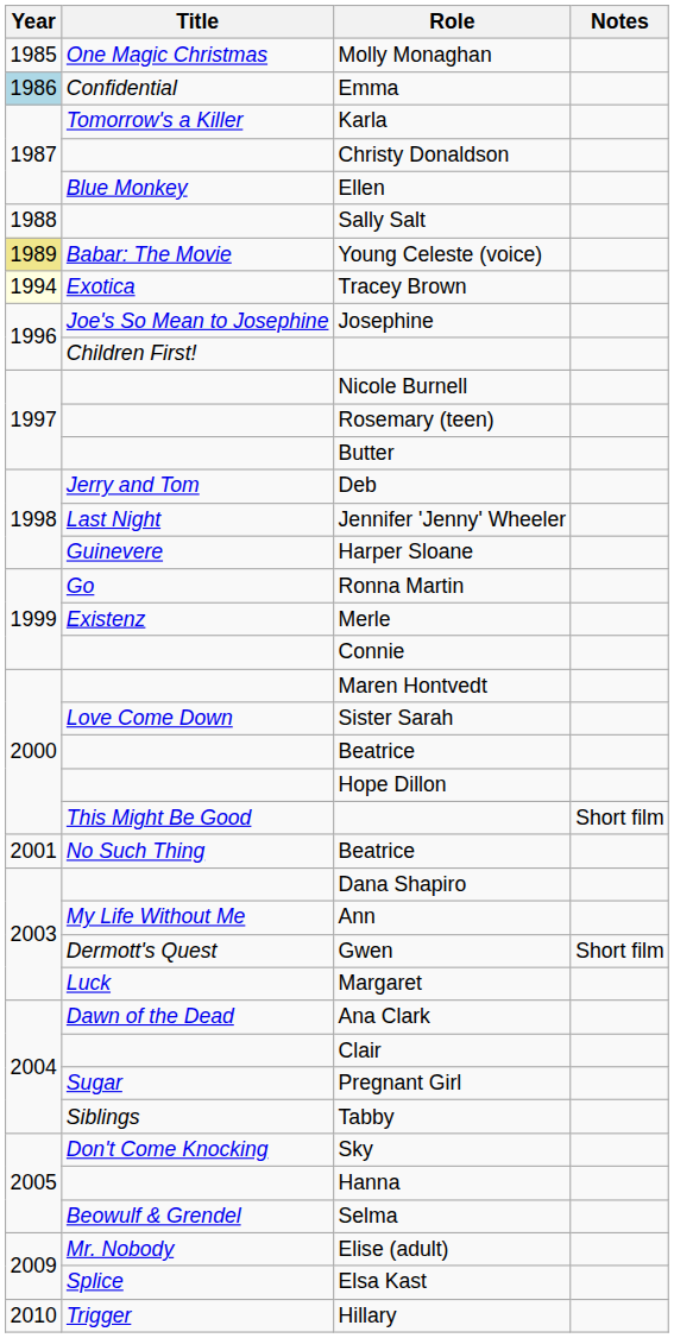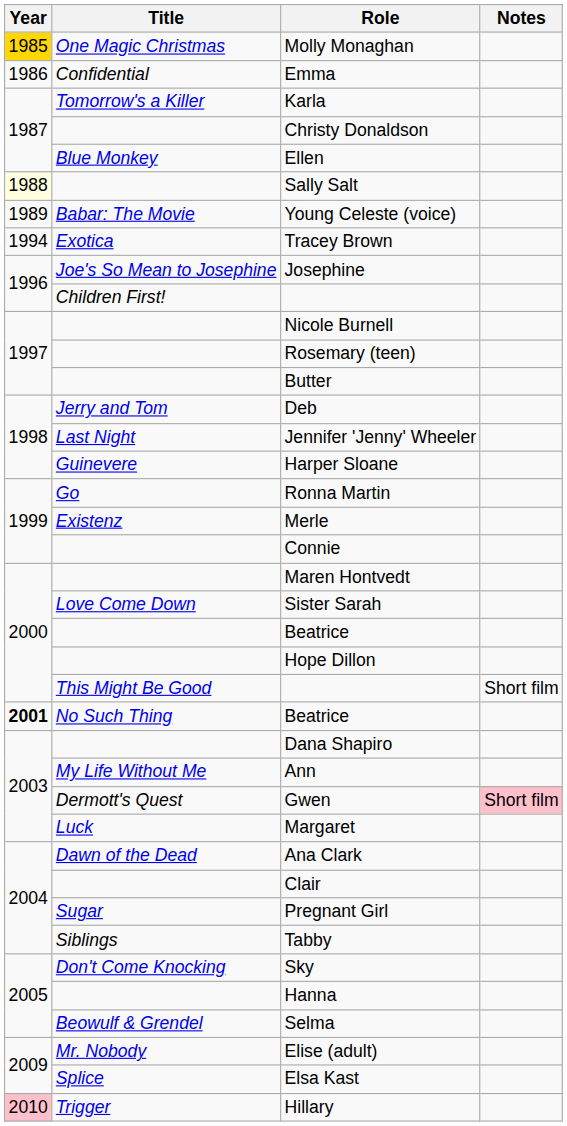 <table class="wikitable sortable">
 <tr>
 <th>Year</th>
 <th>Title</th>
 <th>Role</th>
 <th class="unsortable">Notes</th>
 </tr>
 <tr>
-<td>1985</td>
+<td style="background: gold;">1985</td>
 <td><em><a href='#'>One Magic Christmas</a></em></td>
 <td>Molly Monaghan</td>
 <td></td>
 </tr>
 <tr>
-<td style="background: lightblue;">1986</td>
+<td>1986</td>
 <td><em>Confidential</em></td>
 <td>Emma</td>
 <td></td>
 </tr>
 <tr>
 <td rowspan="3">1987</td>
 <td><em><a href='#'>Tomorrow's a Killer</a></em></td>
 <td>Karla</td>
 <td></td>
 </tr>
 <tr>
 <td><em></em></td>
 <td>Christy Donaldson</td>
 <td></td>
 </tr>
 <tr>
 <td><em><a href='#'>Blue Monkey</a></em></td>
 <td>Ellen</td>
 <td></td>
 </tr>
 <tr>
-<td>1988</td>
+<td style="background: lightyellow;">1988</td>
 <td><em></em></td>
 <td>Sally Salt</td>
 <td></td>
 </tr>
 <tr>
-<td style="background: khaki;">1989</td>
+<td>1989</td>
 <td><em><a href='#'>Babar: The Movie</a></em></td>
 <td>Young Celeste (voice)</td>
 <td></td>
 </tr>
 <tr>
-<td style="background: lightyellow;">1994</td>
+<td>1994</td>
 <td><em><a href='#'>Exotica</a></em></td>
 <td>Tracey Brown</td>
 <td></td>
 </tr>
 <tr>
 <td rowspan="2">1996</td>
 <td><em><a href='#'>Joe's So Mean to Josephine</a></em></td>
 <td>Josephine</td>
 <td></td>
 </tr>
 <tr>
 <td><em>Children First!</em></td>
 <td></td>
 <td></td>
 </tr>
 <tr>
 <td rowspan="3">1997</td>
 <td><em></em></td>
 <td>Nicole Burnell</td>
 <td></td>
 </tr>
 <tr>
 <td><em></em></td>
 <td>Rosemary (teen)</td>
 <td></td>
 </tr>
 <tr>
 <td><em></em></td>
 <td>Butter</td>
 <td></td>
 </tr>
 <tr>
 <td rowspan="3">1998</td>
 <td><em><a href='#'>Jerry and Tom</a></em></td>
 <td>Deb</td>
 <td></td>
 </tr>
 <tr>
 <td><em><a href='#'>Last Night</a></em></td>
 <td>Jennifer 'Jenny' Wheeler</td>
 <td></td>
 </tr>
 <tr>
 <td><em><a href='#'>Guinevere</a></em></td>
 <td>Harper Sloane</td>
 <td></td>
 </tr>
 <tr>
 <td rowspan="3">1999</td>
 <td><em><a href='#'>Go</a></em></td>
 <td>Ronna Martin</td>
 <td></td>
 </tr>
 <tr>
 <td><em><a href='#'>Existenz</a></em></td>
 <td>Merle</td>
 <td></td>
 </tr>
 <tr>
 <td><em></em></td>
 <td>Connie</td>
 <td></td>
 </tr>
 <tr>
 <td rowspan="5">2000</td>
 <td><em></em></td>
 <td>Maren Hontvedt</td>
 <td></td>
 </tr>
 <tr>
 <td><em><a href='#'>Love Come Down</a></em></td>
 <td>Sister Sarah</td>
 <td></td>
 </tr>
 <tr>
 <td><em></em></td>
 <td>Beatrice</td>
 <td></td>
 </tr>
 <tr>
 <td><em></em></td>
 <td>Hope Dillon</td>
 <td></td>
 </tr>
 <tr>
 <td><em><a href='#'>This Might Be Good</a></em></td>
 <td></td>
 <td>Short film</td>
 </tr>
 <tr>
-<td>2001</td>
+<td><strong>2001</strong></td>
 <td><em><a href='#'>No Such Thing</a></em></td>
 <td>Beatrice</td>
 <td></td>
 </tr>
 <tr>
 <td rowspan="4">2003</td>
 <td><em></em></td>
 <td>Dana Shapiro</td>
 <td></td>
 </tr>
 <tr>
 <td><em><a href='#'>My Life Without Me</a></em></td>
 <td>Ann</td>
 <td></td>
 </tr>
 <tr>
 <td><em>Dermott's Quest</em></td>
 <td>Gwen</td>
-<td>Short film</td>
+<td style="background: pink;">Short film</td>
 </tr>
 <tr>
 <td><em><a href='#'>Luck</a></em></td>
 <td>Margaret</td>
 <td></td>
 </tr>
 <tr>
 <td rowspan="4">2004</td>
 <td><em><a href='#'>Dawn of the Dead</a></em></td>
 <td>Ana Clark</td>
 <td></td>
 </tr>
 <tr>
 <td><em></em></td>
 <td>Clair</td>
 <td></td>
 </tr>
 <tr>
 <td><em><a href='#'>Sugar</a></em></td>
 <td>Pregnant Girl</td>
 <td></td>
 </tr>
 <tr>
 <td><em>Siblings</em></td>
 <td>Tabby</td>
 <td></td>
 </tr>
 <tr>
 <td rowspan="3">2005</td>
 <td><em><a href='#'>Don't Come Knocking</a></em></td>
 <td>Sky</td>
 <td></td>
 </tr>
 <tr>
 <td><em></em></td>
 <td>Hanna</td>
 <td></td>
 </tr>
 <tr>
 <td><em><a href='#'>Beowulf & Grendel</a></em></td>
 <td>Selma</td>
 <td></td>
 </tr>
 <tr>
 <td rowspan="2">2009</td>
 <td><em><a href='#'>Mr. Nobody</a></em></td>
 <td>Elise (adult)</td>
 <td></td>
 </tr>
 <tr>
 <td><em><a href='#'>Splice</a></em></td>
 <td>Elsa Kast</td>
 <td></td>
 </tr>
 <tr>
-<td>2010</td>
+<td style="background: pink;">2010</td>
 <td><em><a href='#'>Trigger</a></em></td>
 <td>Hillary</td>
 <td></td>
 </tr>
 </table>
